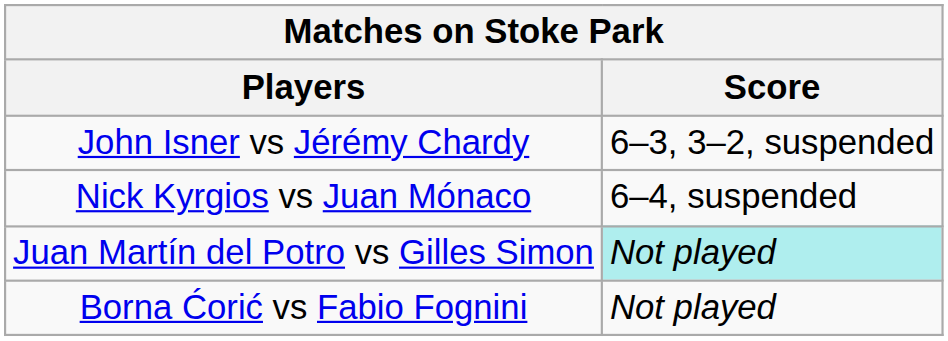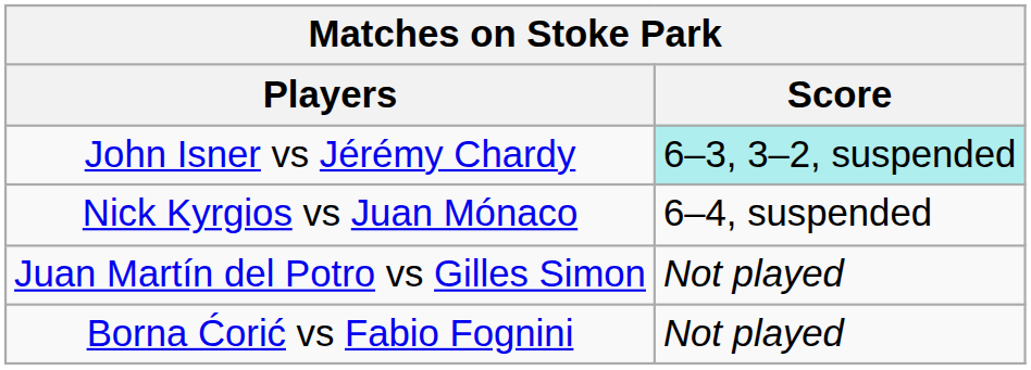 <table class="wikitable">
 <tr>
 <th colspan=3>Matches on Stoke Park</th>
 </tr>
 <tr>
 <th>Players</th>
 <th>Score</th>
 </tr>
 <tr>
 <td align=center> <a href='#'>John Isner</a> vs  <a href='#'>Jérémy Chardy</a></td>
-<td>6–3, 3–2, suspended</td>
+<td style="background: paleturquoise;">6–3, 3–2, suspended</td>
 </tr>
 <tr>
 <td align=center> <a href='#'>Nick Kyrgios</a> vs  <a href='#'>Juan Mónaco</a></td>
 <td>6–4, suspended</td>
 </tr>
 <tr>
 <td align=center> <a href='#'>Juan Martín del Potro</a> vs  <a href='#'>Gilles Simon</a></td>
-<td style="background: paleturquoise;"><em>Not played</em></td>
+<td><em>Not played</em></td>
 </tr>
 <tr>
 <td align=center> <a href='#'>Borna Ćorić</a> vs  <a href='#'>Fabio Fognini</a></td>
 <td><em>Not played</em></td>
 </tr>
 </table>
